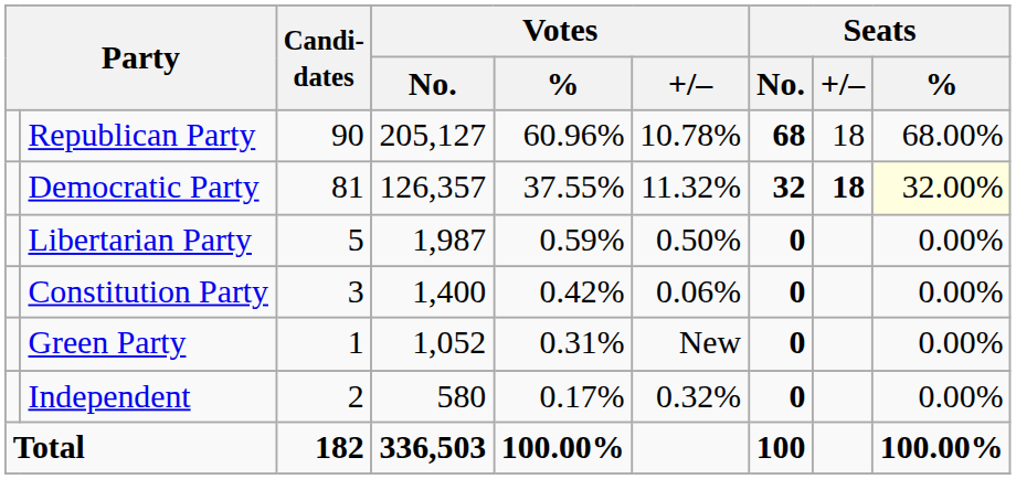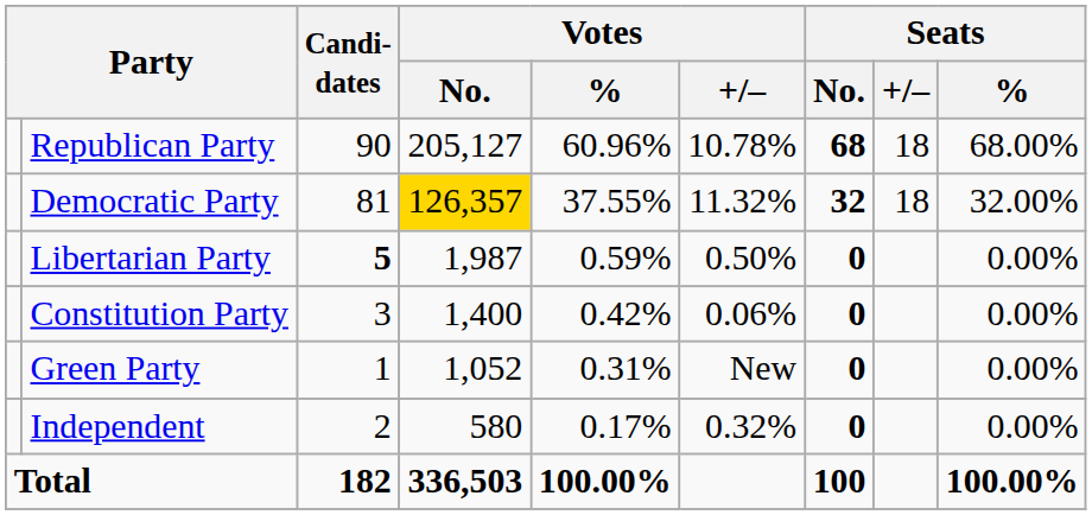 <table class="wikitable" style="font-size:100%; text-align:right;">
 <tr>
 <th colspan=2 rowspan=2>Party</th>
 <th rowspan=2><small>Candi-<br>dates</small></th>
 <th colspan=3>Votes</th>
 <th colspan=3>Seats</th>
 </tr>
 <tr>
 <th>No.</th>
 <th>%</th>
 <th>+/–</th>
 <th>No.</th>
 <th>+/–</th>
 <th>%</th>
 </tr>
 <tr>
 <td style="background:"></td>
 <td style="text-align:left"><a href='#'>Republican Party</a></td>
 <td>90</td>
 <td>205,127</td>
 <td>60.96%</td>
 <td>10.78%</td>
 <td><strong>68</strong></td>
 <td>18</td>
 <td>68.00%</td>
 </tr>
 <tr>
 <td style="background:"></td>
 <td style="text-align:left"><a href='#'>Democratic Party</a></td>
 <td>81</td>
-<td>126,357</td>
+<td style="background: gold;">126,357</td>
 <td>37.55%</td>
 <td>11.32%</td>
 <td><strong>32</strong></td>
-<td><strong>18</strong></td>
-<td style="background: lightyellow;">32.00%</td>
+<td>18</td>
+<td>32.00%</td>
 </tr>
 <tr>
 <td style="background:"></td>
 <td style="text-align:left"><a href='#'>Libertarian Party</a></td>
-<td>5</td>
+<td><strong>5</strong></td>
 <td>1,987</td>
 <td>0.59%</td>
 <td>0.50%</td>
 <td><strong>0</strong></td>
 <td></td>
 <td>0.00%</td>
 </tr>
 <tr>
 <td style="background:"></td>
 <td style="text-align:left"><a href='#'>Constitution Party</a></td>
 <td>3</td>
 <td>1,400</td>
 <td>0.42%</td>
 <td>0.06%</td>
 <td><strong>0</strong></td>
 <td></td>
 <td>0.00%</td>
 </tr>
 <tr>
 <td style="background:"></td>
 <td style="text-align:left"><a href='#'>Green Party</a></td>
 <td>1</td>
 <td>1,052</td>
 <td>0.31%</td>
 <td>New</td>
 <td><strong>0</strong></td>
 <td></td>
 <td>0.00%</td>
 </tr>
 <tr>
 <td style="background:"></td>
 <td style="text-align:left"><a href='#'>Independent</a></td>
 <td>2</td>
 <td>580</td>
 <td>0.17%</td>
 <td>0.32%</td>
 <td><strong>0</strong></td>
 <td></td>
 <td>0.00%</td>
 </tr>
 <tr style="font-weight:bold">
 <td colspan=2 style="text-align:left">Total</td>
 <td>182</td>
 <td>336,503</td>
 <td>100.00%</td>
 <td></td>
 <td>100</td>
 <td></td>
 <td>100.00%</td>
 </tr>
 </table>
